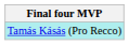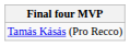 <table class=wikitable style="text-align:left; margin:auto">
 <tr>
 <th>Final four MVP</th>
 </tr>
 <tr>
-<td style="background: paleturquoise;"> <a href='#'>Tamás Kásás</a>  (Pro Recco)</td>
+<td> <a href='#'>Tamás Kásás</a>  (Pro Recco)</td>
 </tr>
 </table>
